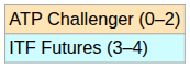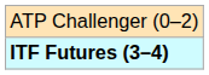 <table class=wikitable style=font-size:97%>
 <tr bgcolor=moccasin>
 <td>ATP Challenger (0–2)</td>
 </tr>
 <tr bgcolor=cffcff>
-<td>ITF Futures (3–4)</td>
+<td><strong>ITF Futures (3–4)</strong></td>
 </tr>
 </table>
